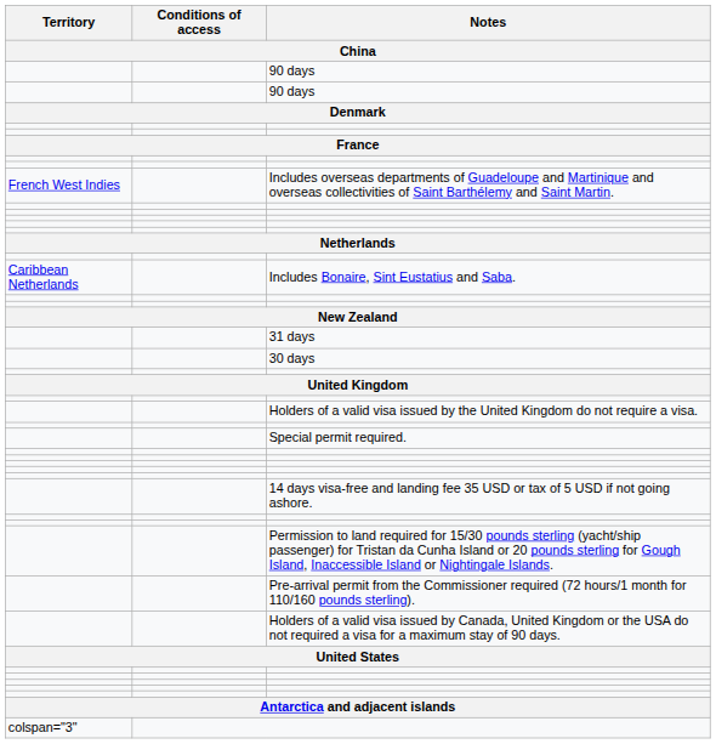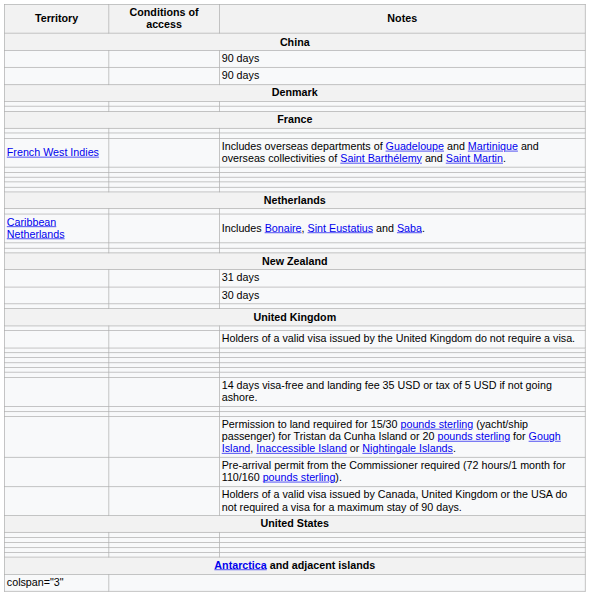 <table class="wikitable sortable sticky-header mw-datatable" style="text-align: left; table-layout: fixed;background:#f8f9faff; ">
 <tr>
 <th style="width:18%;">Territory</th>
 <th style="width:19%;">Conditions of access</th>
 <th>Notes</th>
 </tr>
 <tr>
 <th colspan="3">China</th>
 </tr>
 <tr>
 <td></td>
 <td></td>
 <td>90 days</td>
 </tr>
 <tr>
 <td></td>
 <td></td>
 <td>90 days</td>
 </tr>
 <tr>
 <th colspan="3">Denmark</th>
 </tr>
 <tr>
 <td></td>
 <td></td>
 <td></td>
 </tr>
 <tr>
 <td></td>
 <td></td>
 <td></td>
 </tr>
 <tr>
 <th colspan="3">France</th>
 </tr>
 <tr>
 <td></td>
 <td></td>
 <td></td>
 </tr>
 <tr>
 <td></td>
 <td></td>
 <td></td>
 </tr>
 <tr>
 <td> <a href='#'>French West Indies</a></td>
 <td></td>
 <td>Includes overseas departments of <a href='#'>Guadeloupe</a> and <a href='#'>Martinique</a> and overseas collectivities of <a href='#'>Saint Barthélemy</a> and <a href='#'>Saint Martin</a>.</td>
 </tr>
 <tr>
 <td></td>
 <td></td>
 <td></td>
 </tr>
 <tr>
 <td></td>
 <td></td>
 <td></td>
 </tr>
 <tr>
 <td></td>
 <td></td>
 <td></td>
 </tr>
 <tr>
 <td></td>
 <td></td>
 <td></td>
 </tr>
 <tr>
 <td></td>
 <td></td>
 <td></td>
 </tr>
 <tr>
 <th colspan="3">Netherlands</th>
 </tr>
 <tr>
 <td></td>
 <td></td>
 <td></td>
 </tr>
 <tr>
 <td> <a href='#'>Caribbean Netherlands</a></td>
 <td></td>
 <td>Includes <a href='#'>Bonaire</a>, <a href='#'>Sint Eustatius</a> and <a href='#'>Saba</a>.</td>
 </tr>
 <tr>
 <td></td>
 <td></td>
 <td></td>
 </tr>
 <tr>
 <td></td>
 <td></td>
 <td></td>
 </tr>
 <tr>
 <th colspan="3">New Zealand</th>
 </tr>
 <tr>
 <td></td>
 <td></td>
 <td>31 days</td>
 </tr>
 <tr>
 <td></td>
 <td></td>
 <td>30 days</td>
 </tr>
 <tr>
 <td></td>
 <td></td>
 <td></td>
 </tr>
 <tr>
 <th colspan="3">United Kingdom</th>
 </tr>
 <tr>
 <td></td>
 <td></td>
 <td></td>
 </tr>
 <tr>
 <td></td>
 <td></td>
 <td>Holders of a valid visa issued by the United Kingdom do not require a visa.</td>
 </tr>
 <tr>
 <td></td>
 <td></td>
 <td></td>
 </tr>
 <tr>
 <td></td>
 <td></td>
-<td>Special permit required.</td>
-</tr>
-<tr>
-<td></td>
-<td></td>
 <td></td>
 </tr>
 <tr>
 <td></td>
 <td></td>
 <td></td>
 </tr>
 <tr>
 <td></td>
 <td></td>
 <td></td>
 </tr>
 <tr>
 <td></td>
 <td></td>
 <td></td>
 </tr>
 <tr>
 <td></td>
 <td></td>
 <td></td>
 </tr>
 <tr>
 <td></td>
 <td></td>
 <td>14 days visa-free and landing fee 35 USD or tax of 5 USD if not going ashore.</td>
 </tr>
 <tr>
 <td></td>
 <td></td>
 <td></td>
 </tr>
 <tr>
 <td></td>
 <td></td>
 <td></td>
 </tr>
 <tr>
 <td></td>
 <td></td>
 <td>Permission to land required for 15/30 <a href='#'>pounds sterling</a> (yacht/ship passenger) for Tristan da Cunha Island or 20 <a href='#'>pounds sterling</a> for <a href='#'>Gough Island</a>, <a href='#'>Inaccessible Island</a> or <a href='#'>Nightingale Islands</a>.</td>
 </tr>
 <tr>
 <td></td>
 <td></td>
 <td>Pre-arrival permit from the Commissioner required (72 hours/1 month for 110/160 <a href='#'>pounds sterling</a>).</td>
 </tr>
 <tr>
 <td></td>
 <td></td>
 <td>Holders of a valid visa issued by Canada, United Kingdom or the USA do not required a visa for a maximum stay of 90 days.</td>
 </tr>
 <tr>
 <th colspan="3">United States</th>
 </tr>
 <tr>
 <td></td>
 <td></td>
 <td></td>
 </tr>
 <tr>
 <td></td>
 <td></td>
 <td></td>
 </tr>
 <tr>
 <td></td>
 <td></td>
 <td></td>
 </tr>
 <tr>
 <td></td>
 <td></td>
 <td></td>
 </tr>
 <tr>
 <td></td>
 <td></td>
 <td></td>
 </tr>
 <tr>
 <th colspan="3"><a href='#'>Antarctica</a> and adjacent islands</th>
 </tr>
 <tr>
 <td>colspan="3" </td>
 </tr>
 </table>
